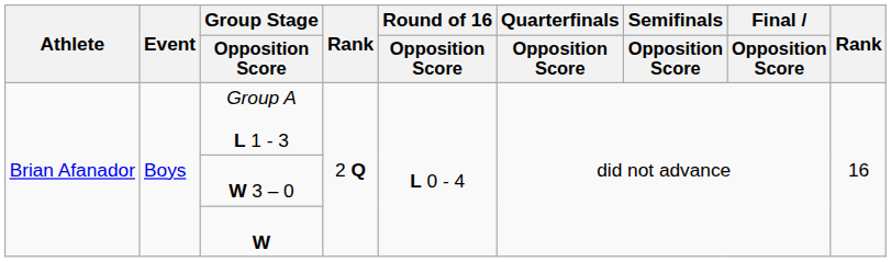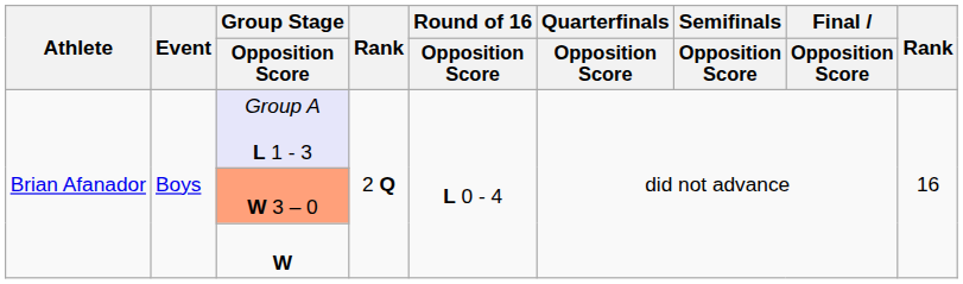 <table class=wikitable style="font-size:90%">
 <tr>
 <th rowspan="2">Athlete</th>
 <th rowspan="2">Event</th>
 <th>Group Stage</th>
 <th rowspan="2">Rank</th>
 <th>Round of 16</th>
 <th>Quarterfinals</th>
 <th>Semifinals</th>
 <th>Final / </th>
 <th rowspan=2>Rank</th>
 </tr>
 <tr style="font-size:95%">
 <th>Opposition<br>Score</th>
 <th>Opposition<br>Score</th>
 <th>Opposition<br>Score</th>
 <th>Opposition<br>Score</th>
 <th>Opposition<br>Score</th>
 </tr>
 <tr align=center>
 <td align=left rowspan=3><a href='#'>Brian Afanador</a></td>
 <td align=left rowspan=3><a href='#'>Boys</a></td>
-<td><em>Group A</em><br><br><strong>L</strong> 1 - 3</td>
+<td style="background: lavender;"><em>Group A</em><br><br><strong>L</strong> 1 - 3</td>
 <td rowspan=3>2 <strong>Q</strong></td>
 <td rowspan=3><br><strong>L</strong> 0 - 4</td>
 <td rowspan=3 colspan=3>did not advance</td>
 <td rowspan=3>16</td>
 </tr>
 <tr align=center>
-<td><br><strong>W</strong> 3 – 0</td>
+<td style="background: lightsalmon;"><br><strong>W</strong> 3 – 0</td>
 </tr>
 <tr align=center>
 <td><br><strong>W</strong></td>
 </tr>
 </table>
